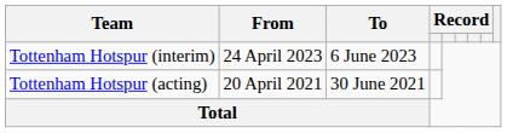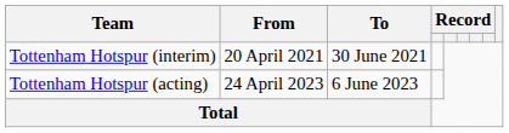 <table class=wikitable style="text-align:center">
 <tr>
 <th rowspan="2">Team</th>
 <th rowspan="2">From</th>
 <th rowspan="2">To</th>
 <th colspan="5">Record</th>
 <th rowspan=2></th>
 </tr>
 <tr>
 <th></th>
 <th></th>
 <th></th>
 <th></th>
 <th></th>
 </tr>
 <tr>
 <td align="left"><a href='#'>Tottenham Hotspur</a> (interim)</td>
-<td align="left">24 April 2023</td>
-<td align="left">6 June 2023<br></td>
+<td align="left">20 April 2021</td>
+<td align="left">30 June 2021<br></td>
 <td></td>
 </tr>
 <tr>
 <td align="left"><a href='#'>Tottenham Hotspur</a> (acting)</td>
-<td align="left">20 April 2021</td>
-<td align="left">30 June 2021<br></td>
+<td align="left">24 April 2023</td>
+<td align="left">6 June 2023<br></td>
 <td></td>
 </tr>
 <tr>
 <th colspan="3">Total<br></th>
 </tr>
 </table>
